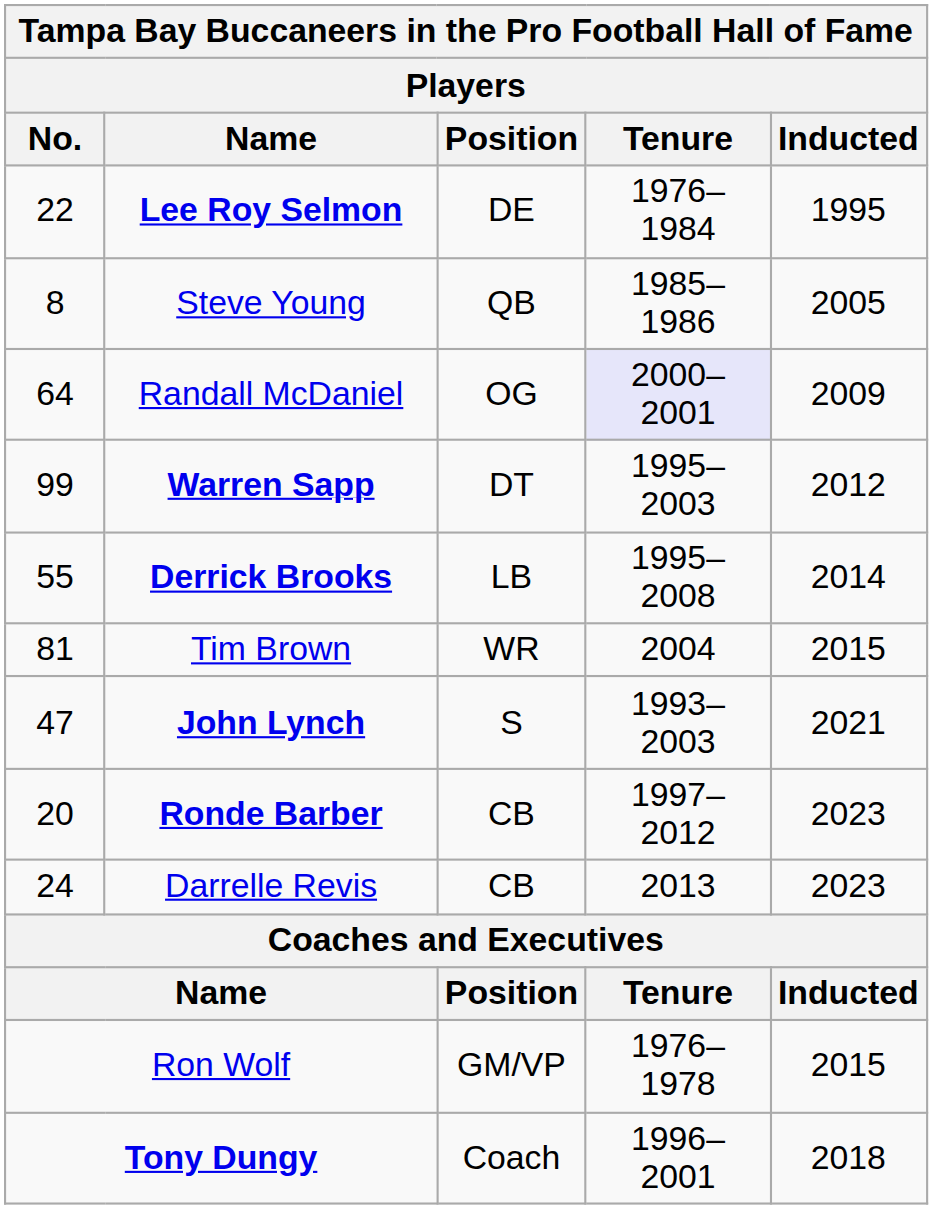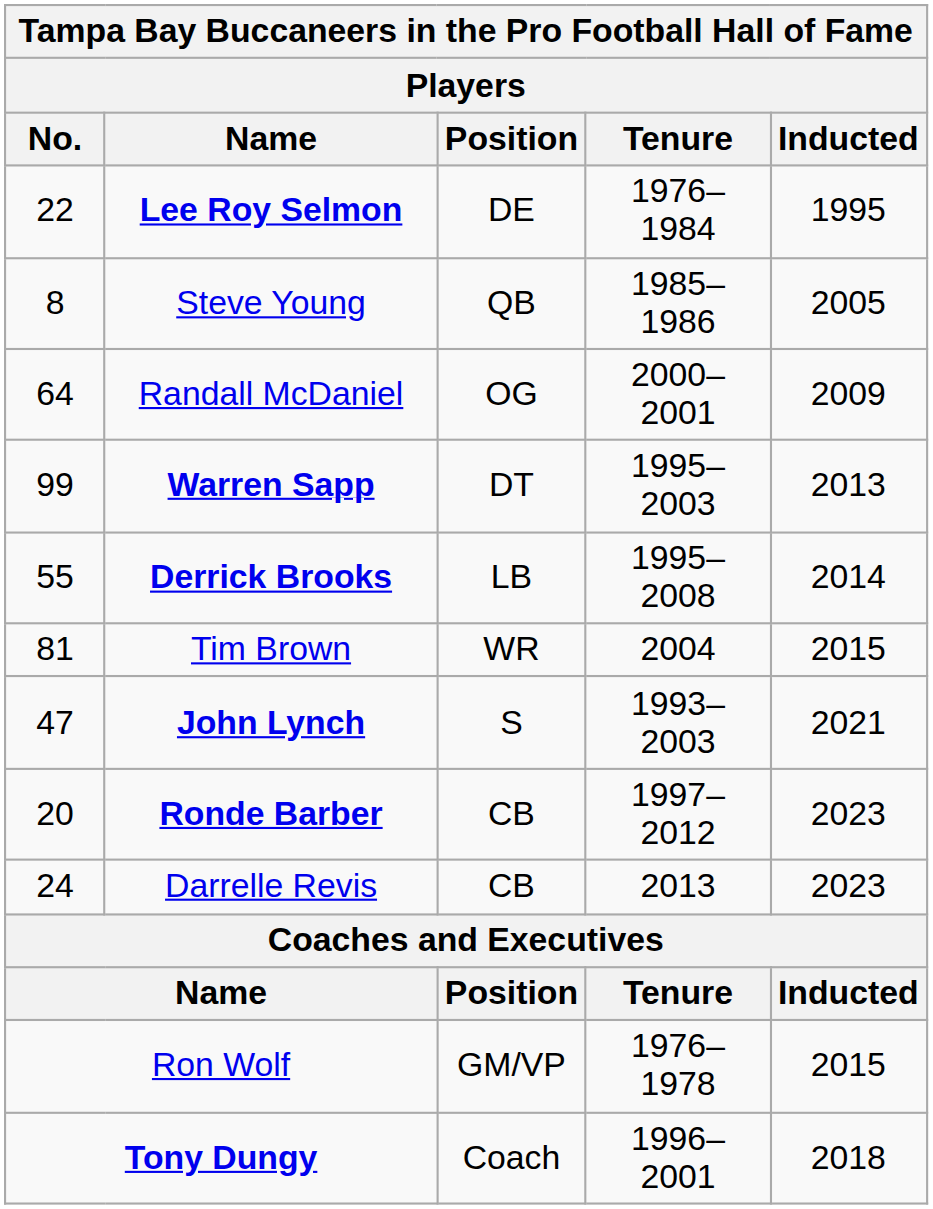 <table class="wikitable" style="text-align:center">
 <tr>
 <th colspan="5">Tampa Bay Buccaneers in the Pro Football Hall of Fame</th>
 </tr>
 <tr>
 <th colspan="5">Players</th>
 </tr>
 <tr>
 <th style="width:40px;">No.</th>
 <th style="width:150px;">Name</th>
 <th style="width:40px;">Position</th>
 <th style="width:80px;">Tenure</th>
 <th style="width:40px;">Inducted</th>
 </tr>
 <tr>
 <td>22</td>
 <td><strong><a href='#'>Lee Roy Selmon</a></strong></td>
 <td>DE</td>
 <td>1976–1984</td>
 <td>1995</td>
 </tr>
 <tr>
 <td>8</td>
 <td><a href='#'>Steve Young</a></td>
 <td>QB</td>
 <td>1985–1986</td>
 <td>2005</td>
 </tr>
 <tr>
 <td>64</td>
 <td><a href='#'>Randall McDaniel</a></td>
 <td>OG</td>
-<td style="background: lavender;">2000–2001</td>
+<td>2000–2001</td>
 <td>2009</td>
 </tr>
 <tr>
 <td>99</td>
 <td><strong><a href='#'>Warren Sapp</a></strong></td>
 <td>DT</td>
 <td>1995–2003</td>
-<td>2012</td>
+<td>2013</td>
 </tr>
 <tr>
 <td>55</td>
 <td><strong><a href='#'>Derrick Brooks</a></strong></td>
 <td>LB</td>
 <td>1995–2008</td>
 <td>2014</td>
 </tr>
 <tr>
 <td>81</td>
 <td><a href='#'>Tim Brown</a></td>
 <td>WR</td>
 <td>2004</td>
 <td>2015</td>
 </tr>
 <tr>
 <td>47</td>
 <td><strong><a href='#'>John Lynch</a></strong></td>
 <td>S</td>
 <td>1993–2003</td>
 <td>2021</td>
 </tr>
 <tr>
 <td>20</td>
 <td><strong><a href='#'>Ronde Barber</a></strong></td>
 <td>CB</td>
 <td>1997–2012</td>
 <td>2023</td>
 </tr>
 <tr>
 <td>24</td>
 <td><a href='#'>Darrelle Revis</a></td>
 <td>CB</td>
 <td>2013</td>
 <td>2023</td>
 </tr>
 <tr>
 <th colspan="5">Coaches and Executives</th>
 </tr>
 <tr>
 <th style="width:150px;" colspan=2>Name</th>
 <th style="width:40px;">Position</th>
 <th style="width:80px;">Tenure</th>
 <th style="width:40px;">Inducted</th>
 </tr>
 <tr>
 <td colspan=2><a href='#'>Ron Wolf</a></td>
 <td>GM/VP</td>
 <td>1976–1978</td>
 <td>2015</td>
 </tr>
 <tr>
 <td colspan=2><strong><a href='#'>Tony Dungy</a></strong></td>
 <td>Coach</td>
 <td>1996–2001</td>
 <td>2018</td>
 </tr>
 </table>
